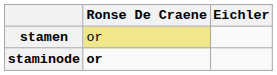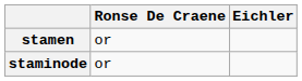 <table class="wikitable">
 <tr>
 <th></th>
 <th>Ronse De Craene</th>
 <th>Eichler</th>
 </tr>
 <tr>
 <th>stamen</th>
-<td style="background: khaki;"> or </td>
+<td> or </td>
 <td colspan="2"></td>
 </tr>
 <tr>
 <th>staminode</th>
-<td><strong> or </strong></td>
+<td> or </td>
 <td></td>
 </tr>
 </table>
